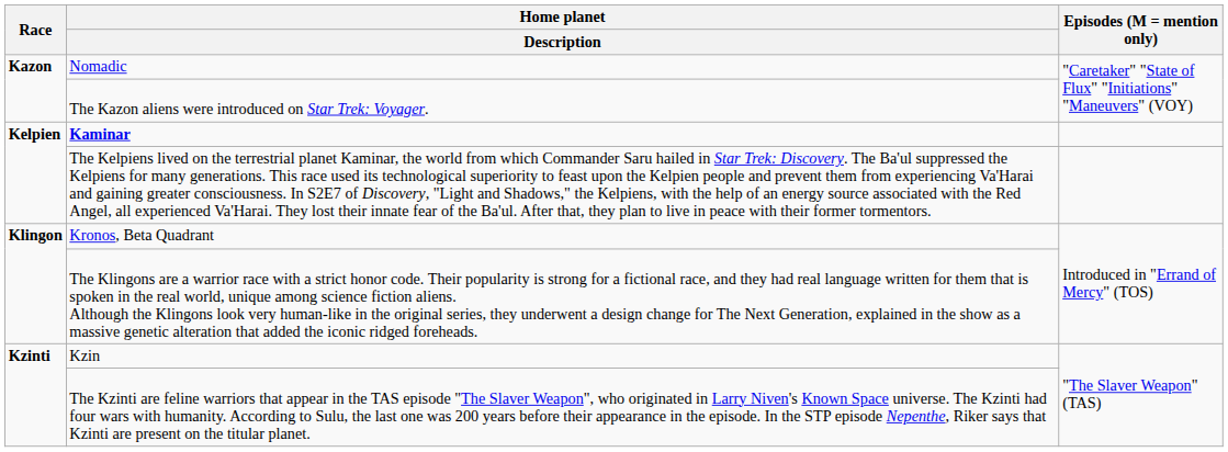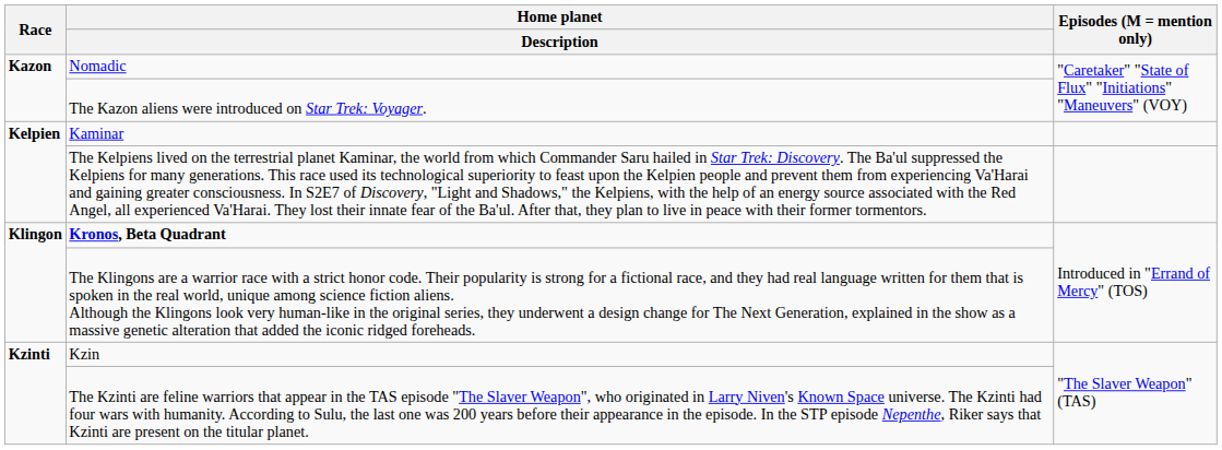 <table class="wikitable">
 <tr>
 <th rowspan="2">Race</th>
 <th>Home planet</th>
 <th rowspan="2">Episodes (M = mention only)</th>
 </tr>
 <tr>
 <th>Description</th>
 </tr>
 <tr>
 <td rowspan="2" style="vertical-align: top;"><strong>Kazon</strong> </td>
 <td><a href='#'>Nomadic</a></td>
 <td rowspan="2">"<a href='#'>Caretaker</a>" "<a href='#'>State of Flux</a>" "<a href='#'>Initiations</a>" "<a href='#'>Maneuvers</a>" (VOY)</td>
 </tr>
 <tr>
 <td><br>The Kazon aliens were introduced on <em><a href='#'>Star Trek: Voyager</a></em>.</td>
 </tr>
 <tr>
 <td rowspan="2" style="vertical-align: top;"><strong>Kelpien</strong> </td>
-<td><strong><a href='#'>Kaminar</a></strong></td>
+<td><a href='#'>Kaminar</a></td>
 <td></td>
 </tr>
 <tr>
 <td>The Kelpiens lived on the terrestrial planet Kaminar, the world from which Commander Saru hailed in <em><a href='#'>Star Trek: Discovery</a></em>. The Ba'ul suppressed the Kelpiens for many generations. This race used its technological superiority to feast upon the Kelpien people and prevent them from experiencing Va'Harai and gaining greater consciousness. In S2E7 of <em>Discovery</em>, "Light and Shadows," the Kelpiens, with the help of an energy source associated with the Red Angel, all experienced Va'Harai. They lost their innate fear of the Ba'ul. After that, they plan to live in peace with their former tormentors.</td>
 </tr>
 <tr>
 <td rowspan="2" style="vertical-align: top;"><strong>Klingon</strong> </td>
-<td><a href='#'>Kronos</a>, Beta Quadrant</td>
+<td><strong><a href='#'>Kronos</a>, Beta Quadrant</strong></td>
 <td rowspan="2">Introduced in "<a href='#'>Errand of Mercy</a>" (TOS)</td>
 </tr>
 <tr>
 <td><br>The Klingons are a warrior race with a strict honor code. Their popularity is strong for a fictional race, and they had real language written for them that is spoken in the real world, unique among science fiction aliens.<br>Although the Klingons look very human-like in the original series, they underwent a design change for The Next Generation, explained in the show as a massive genetic alteration that added the iconic ridged foreheads.</td>
 </tr>
 <tr>
 <td rowspan="2" style="vertical-align: top;"><strong>Kzinti</strong> </td>
 <td>Kzin</td>
 <td rowspan="2">"<a href='#'>The Slaver Weapon</a>" (TAS)</td>
 </tr>
 <tr>
 <td><br>The Kzinti are feline warriors that appear in the TAS episode "<a href='#'>The Slaver Weapon</a>", who originated in <a href='#'>Larry Niven</a>'s <a href='#'>Known Space</a> universe. The Kzinti had four wars with humanity. According to Sulu, the last one was 200 years before their appearance in the episode. In the STP episode <em><a href='#'>Nepenthe</a></em>, Riker says that Kzinti are present on the titular planet.</td>
 </tr>
 </table>
